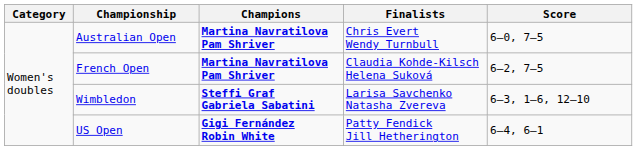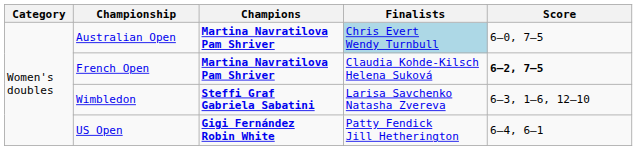 <table class="wikitable">
 <tr>
 <th style="width: 75px;">Category</th>
 <th style="width: 20%;">Championship</th>
 <th style="width: 23%;">Champions</th>
 <th style="width: 23%;">Finalists</th>
 <th style="width: 23%;">Score</th>
 </tr>
 <tr>
 <td rowspan="4">Women's<br>doubles</td>
 <td><a href='#'>Australian Open</a></td>
 <td> <strong><a href='#'>Martina Navratilova</a></strong><br> <strong><a href='#'>Pam Shriver</a></strong></td>
-<td> <a href='#'>Chris Evert</a><br> <a href='#'>Wendy Turnbull</a></td>
+<td style="background: lightblue;"> <a href='#'>Chris Evert</a><br> <a href='#'>Wendy Turnbull</a></td>
 <td>6–0, 7–5</td>
 </tr>
 <tr>
 <td><a href='#'>French Open</a></td>
 <td> <strong><a href='#'>Martina Navratilova</a></strong><br> <strong><a href='#'>Pam Shriver</a></strong></td>
 <td> <a href='#'>Claudia Kohde-Kilsch</a><br> <a href='#'>Helena Suková</a></td>
-<td>6–2, 7–5</td>
+<td><strong>6–2, 7–5</strong></td>
 </tr>
 <tr>
 <td><a href='#'>Wimbledon</a></td>
 <td> <strong><a href='#'>Steffi Graf</a></strong><br> <strong><a href='#'>Gabriela Sabatini</a></strong></td>
 <td> <a href='#'>Larisa Savchenko</a><br> <a href='#'>Natasha Zvereva</a></td>
 <td>6–3, 1–6, 12–10</td>
 </tr>
 <tr>
 <td><a href='#'>US Open</a></td>
 <td> <strong><a href='#'>Gigi Fernández</a> </strong><br> <strong><a href='#'>Robin White</a></strong></td>
 <td> <a href='#'>Patty Fendick</a> <br> <a href='#'>Jill Hetherington</a></td>
 <td>6–4, 6–1</td>
 </tr>
 </table>
